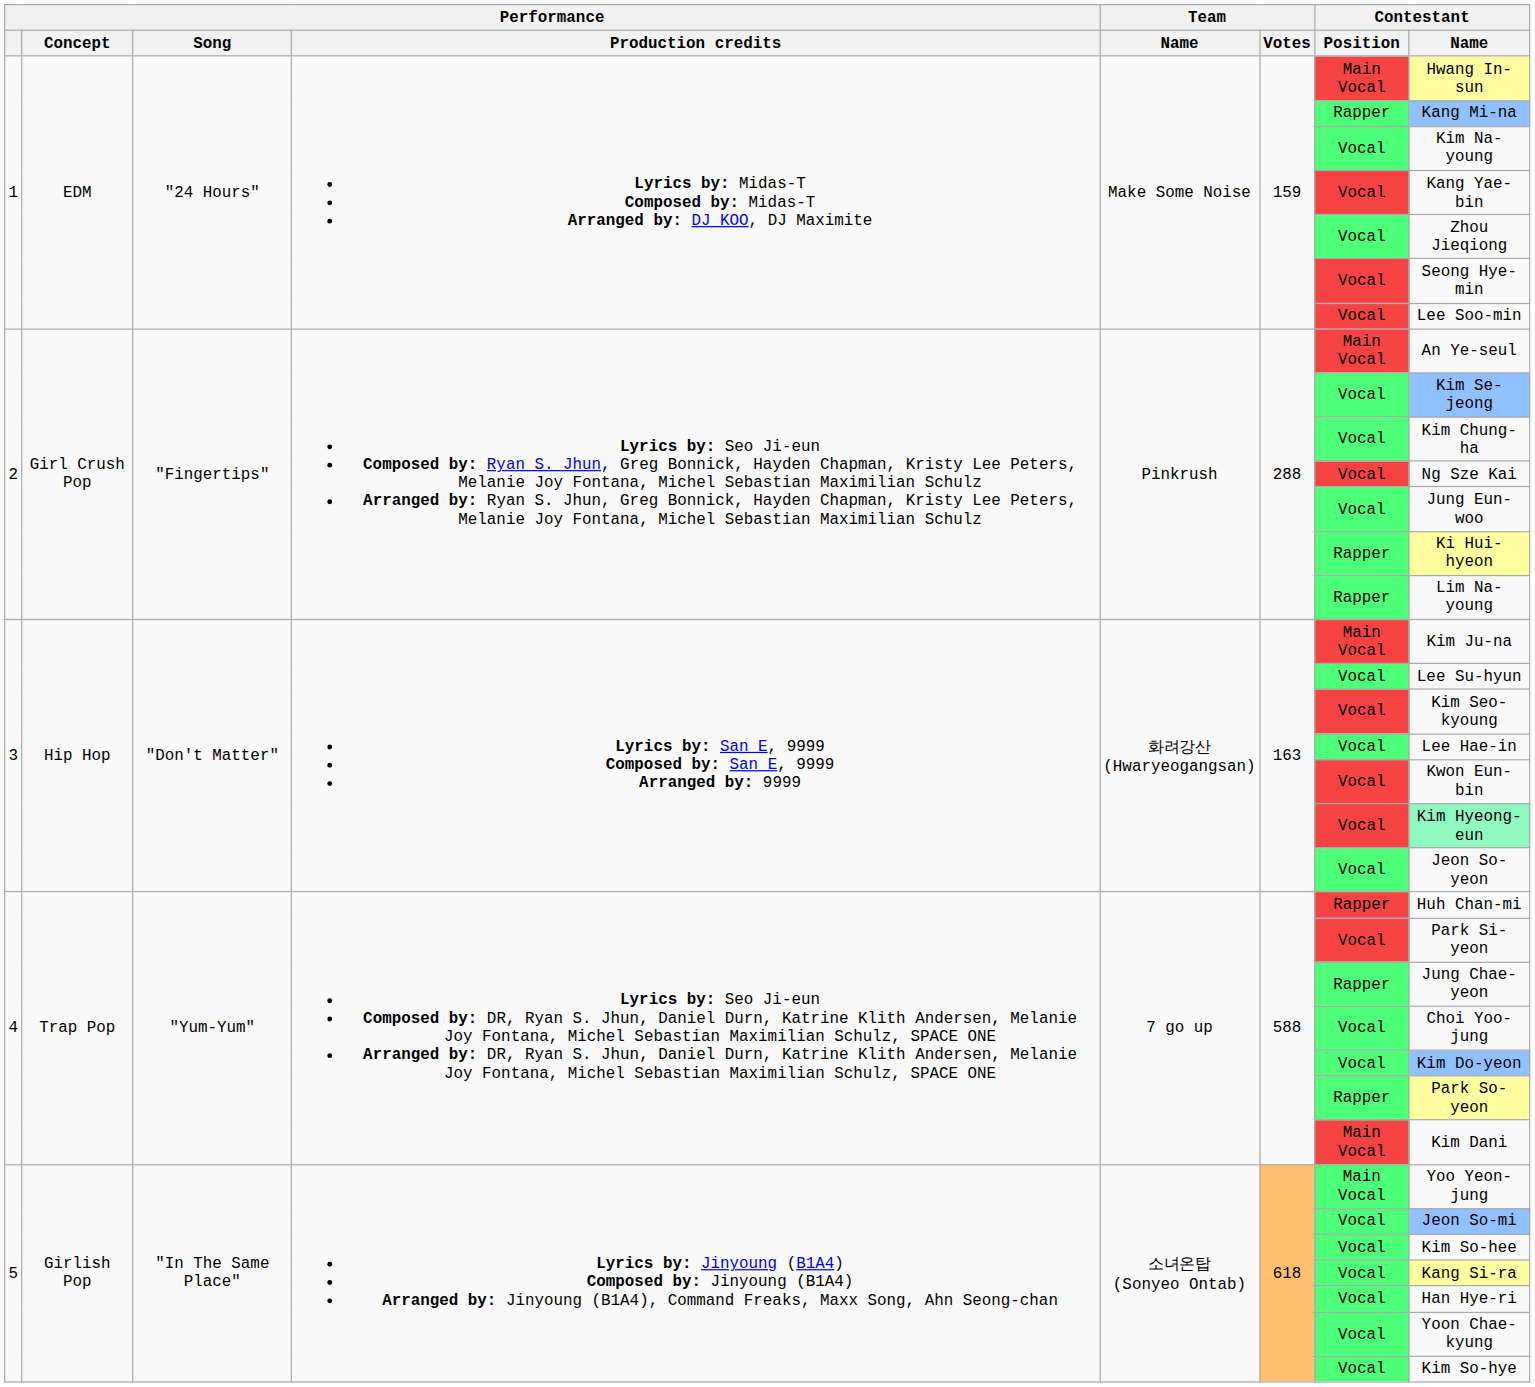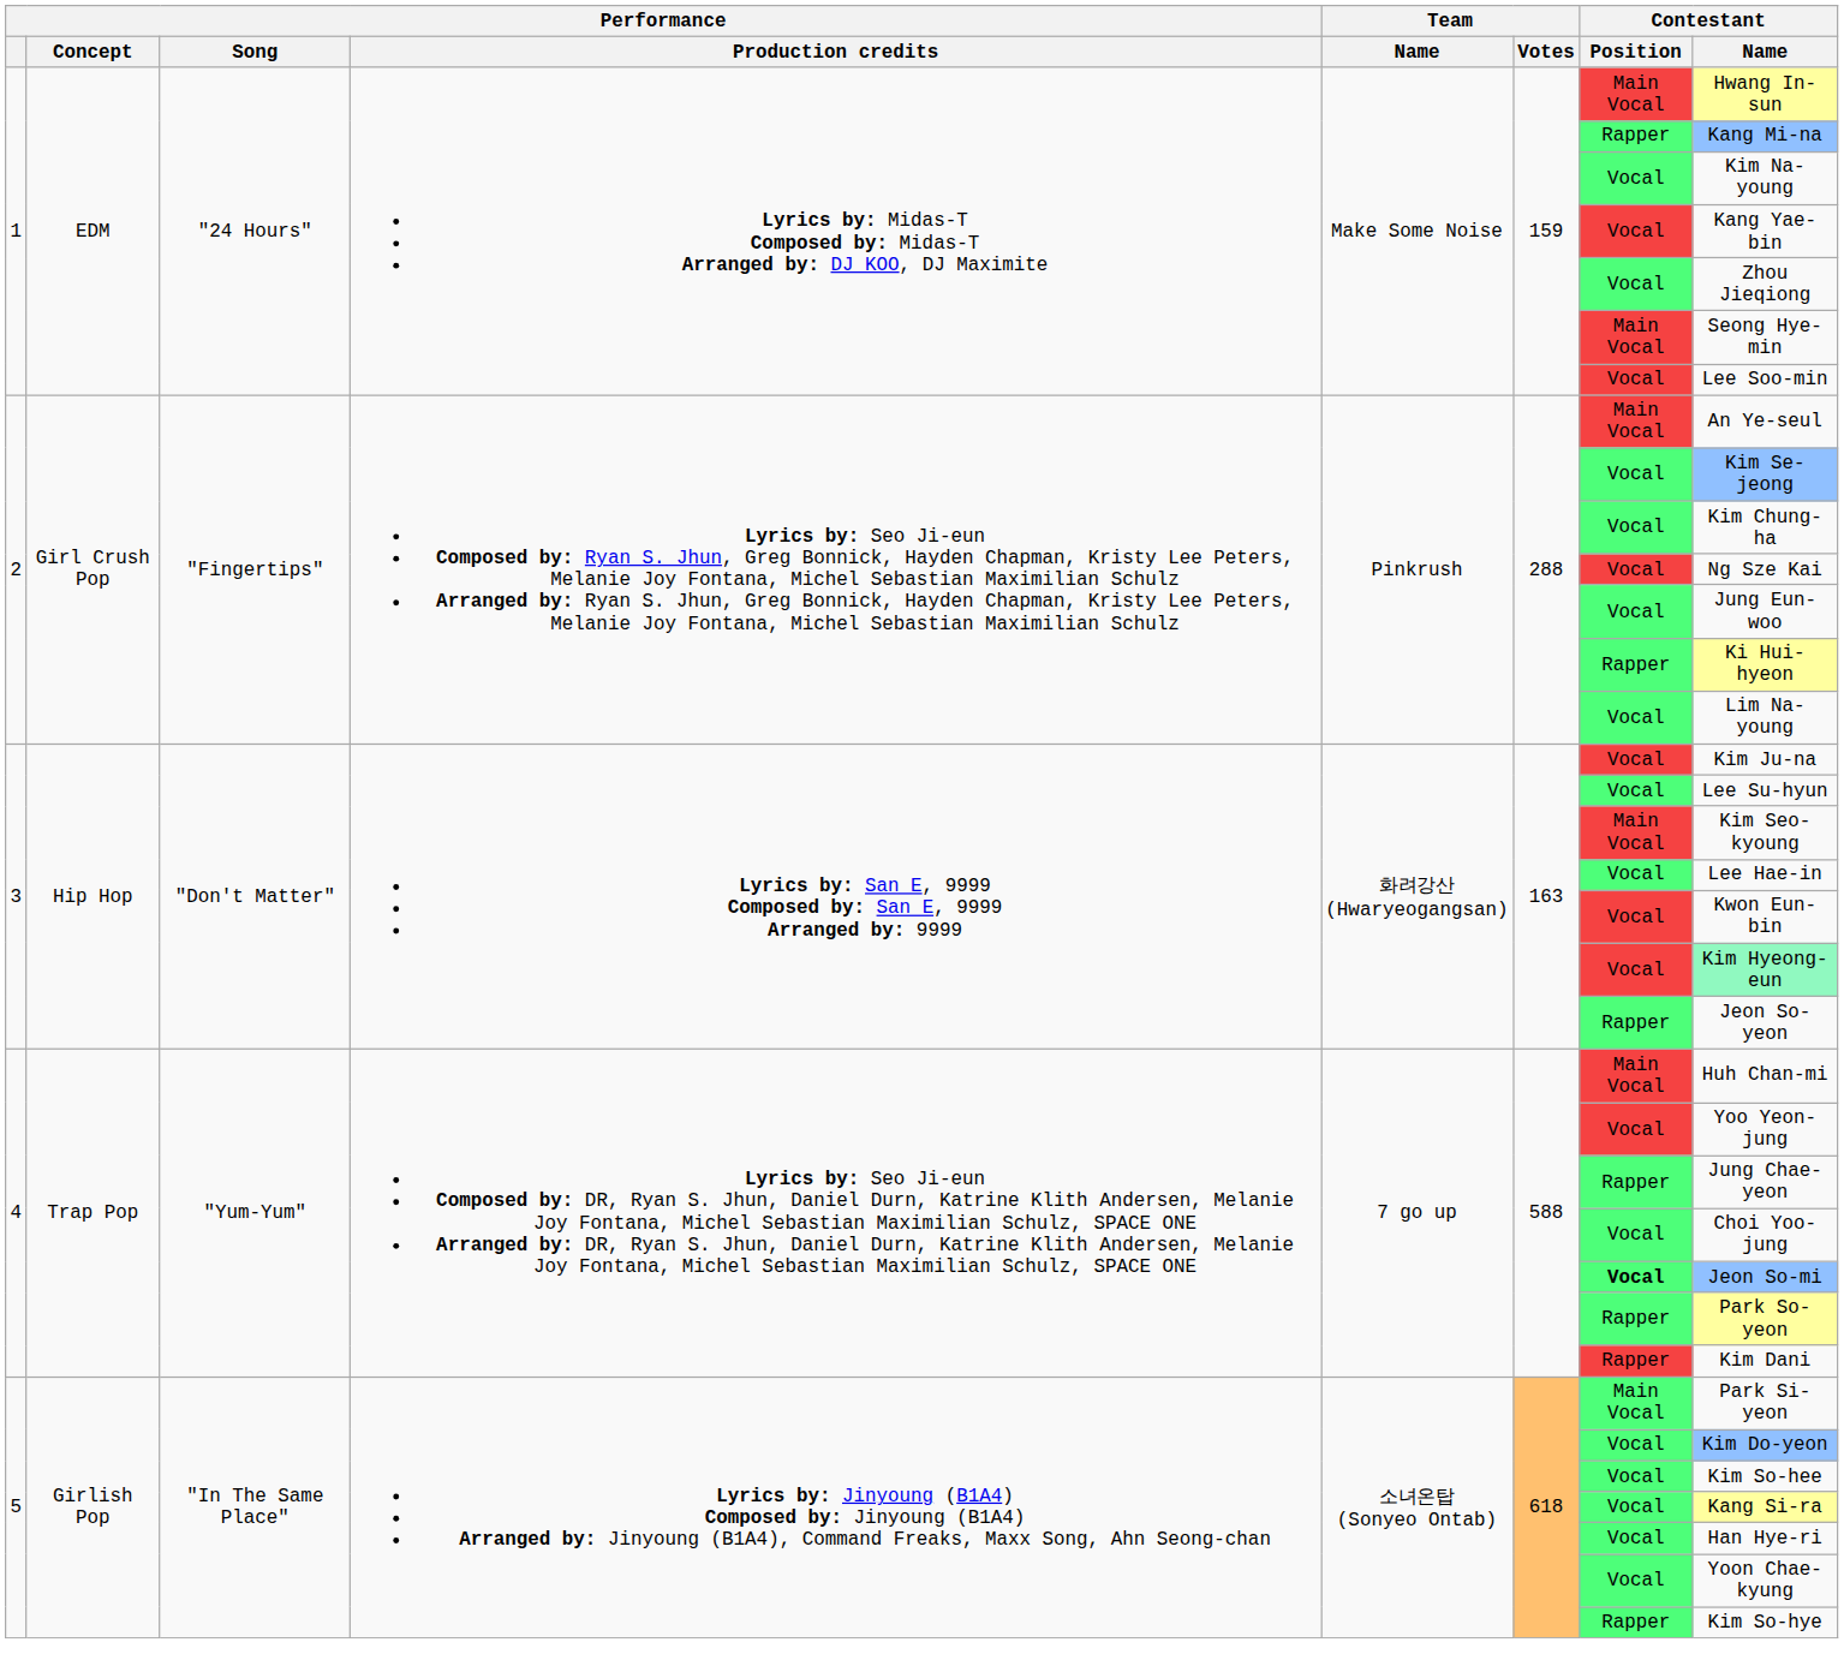 <table class="wikitable sortable collapsible" style="text-align:center">
 <tr>
 <th scope="col" colspan="4">Performance</th>
 <th scope="col" colspan="2">Team</th>
 <th scope="col" colspan="2">Contestant</th>
 </tr>
 <tr>
 <th scope="col"></th>
 <th scope="col">Concept</th>
 <th scope="col" class="unsortable">Song</th>
 <th scope="col" class="unsortable">Production credits</th>
 <th scope="col">Name</th>
 <th scope="col">Votes</th>
 <th scope="col">Position</th>
 <th scope="col">Name</th>
 </tr>
 <tr>
 <td rowspan="7">1</td>
 <td rowspan="7">EDM</td>
 <td rowspan="7">"24 Hours"<br></td>
 <td rowspan="7"><br><ul><li><strong>Lyrics by:</strong> Midas-T</li><li><strong>Composed by:</strong> Midas-T</li><li><strong>Arranged by:</strong> <a href='#'>DJ KOO</a>, DJ Maximite</li></ul></td>
 <td rowspan="7">Make Some Noise</td>
 <td rowspan="7">159</td>
 <td style="background:#f54242">Main Vocal</td>
 <td style="background:#ffff9f">Hwang In-sun</td>
 </tr>
 <tr>
 <td style="background:#4dff79">Rapper</td>
 <td style="background:#90C0FF">Kang Mi-na</td>
 </tr>
 <tr>
 <td style="background:#4dff79">Vocal</td>
 <td>Kim Na-young</td>
 </tr>
 <tr>
 <td style="background:#f54242">Vocal</td>
 <td>Kang Yae-bin</td>
 </tr>
 <tr>
 <td style="background:#4dff79">Vocal</td>
 <td>Zhou Jieqiong</td>
 </tr>
 <tr>
-<td style="background:#f54242">Vocal</td>
+<td style="background:#f54242">Main Vocal</td>
 <td>Seong Hye-min</td>
 </tr>
 <tr>
 <td style="background:#f54242">Vocal</td>
 <td>Lee Soo-min</td>
 </tr>
 <tr>
 <td rowspan="7">2</td>
 <td rowspan="7">Girl Crush Pop</td>
 <td rowspan="7">"Fingertips"</td>
 <td rowspan="7"><br><ul><li><strong>Lyrics by:</strong> Seo Ji-eun</li><li><strong>Composed by:</strong> <a href='#'>Ryan S. Jhun</a>, Greg Bonnick, Hayden Chapman, Kristy Lee Peters, Melanie Joy Fontana, Michel Sebastian Maximilian Schulz</li><li><strong>Arranged by:</strong> Ryan S. Jhun, Greg Bonnick, Hayden Chapman, Kristy Lee Peters, Melanie Joy Fontana, Michel Sebastian Maximilian Schulz</li></ul></td>
 <td rowspan="7">Pinkrush</td>
 <td rowspan="7">288</td>
 <td style="background:#f54242">Main Vocal</td>
 <td>An Ye-seul</td>
 </tr>
 <tr>
 <td style="background:#4dff79">Vocal</td>
 <td style="background:#90C0FF">Kim Se-jeong</td>
 </tr>
 <tr>
 <td style="background:#4dff79">Vocal</td>
 <td>Kim Chung-ha</td>
 </tr>
 <tr>
 <td style="background:#f54242">Vocal</td>
 <td>Ng Sze Kai</td>
 </tr>
 <tr>
 <td style="background:#4dff79">Vocal</td>
 <td>Jung Eun-woo</td>
 </tr>
 <tr>
 <td style="background:#4dff79">Rapper</td>
 <td style="background:#ffff9f">Ki Hui-hyeon</td>
 </tr>
 <tr>
-<td style="background:#4dff79">Rapper</td>
+<td style="background:#4dff79">Vocal</td>
 <td>Lim Na-young</td>
 </tr>
 <tr>
 <td rowspan="7">3</td>
 <td rowspan="7">Hip Hop</td>
 <td rowspan="7">"Don't Matter"</td>
 <td rowspan="7"><br><ul><li><strong>Lyrics by:</strong> <a href='#'>San E</a>, 9999</li><li><strong>Composed by:</strong> <a href='#'>San E</a>, 9999</li><li><strong>Arranged by:</strong> 9999</li></ul></td>
 <td rowspan="7">화려강산<br>(Hwaryeogangsan)</td>
 <td rowspan="7">163</td>
-<td style="background:#f54242">Main Vocal</td>
+<td style="background:#f54242">Vocal</td>
 <td>Kim Ju-na</td>
 </tr>
 <tr>
 <td style="background:#4dff79">Vocal</td>
 <td>Lee Su-hyun</td>
 </tr>
 <tr>
-<td style="background:#f54242">Vocal</td>
+<td style="background:#f54242">Main Vocal</td>
 <td>Kim Seo-kyoung</td>
 </tr>
 <tr>
 <td style="background:#4dff79">Vocal</td>
 <td>Lee Hae-in</td>
 </tr>
 <tr>
 <td style="background:#f54242">Vocal</td>
 <td>Kwon Eun-bin</td>
 </tr>
 <tr>
 <td style="background:#f54242">Vocal</td>
 <td style="background:#90F9C0">Kim Hyeong-eun</td>
 </tr>
 <tr>
-<td style="background:#4dff79">Vocal</td>
+<td style="background:#4dff79">Rapper</td>
 <td>Jeon So-yeon</td>
 </tr>
 <tr>
 <td rowspan="7">4</td>
 <td rowspan="7">Trap Pop</td>
 <td rowspan="7">"Yum-Yum"<br></td>
 <td rowspan="7"><br><ul><li><strong>Lyrics by:</strong> Seo Ji-eun</li><li><strong>Composed by:</strong> DR, Ryan S. Jhun, Daniel Durn, Katrine Klith Andersen, Melanie Joy Fontana, Michel Sebastian Maximilian Schulz, SPACE ONE</li><li><strong>Arranged by:</strong> DR, Ryan S. Jhun, Daniel Durn, Katrine Klith Andersen, Melanie Joy Fontana, Michel Sebastian Maximilian Schulz, SPACE ONE</li></ul></td>
 <td rowspan="7">7 go up</td>
 <td rowspan="7">588</td>
-<td style="background:#f54242">Rapper</td>
+<td style="background:#f54242">Main Vocal</td>
 <td>Huh Chan-mi</td>
 </tr>
 <tr>
 <td style="background:#f54242">Vocal</td>
-<td>Park Si-yeon</td>
+<td>Yoo Yeon-jung</td>
 </tr>
 <tr>
 <td style="background:#4dff79">Rapper</td>
 <td>Jung Chae-yeon</td>
 </tr>
 <tr>
 <td style="background:#4dff79">Vocal</td>
 <td>Choi Yoo-jung</td>
 </tr>
 <tr>
-<td style="background:#4dff79">Vocal</td>
-<td style="background:#90C0FF">Kim Do-yeon</td>
+<td style="background:#4dff79"><strong>Vocal</strong></td>
+<td style="background:#90C0FF">Jeon So-mi</td>
 </tr>
 <tr>
 <td style="background:#4dff79">Rapper</td>
 <td style="background:#ffff9f">Park So-yeon</td>
 </tr>
 <tr>
-<td style="background:#f54242">Main Vocal</td>
+<td style="background:#f54242">Rapper</td>
 <td>Kim Dani</td>
 </tr>
 <tr>
 <td rowspan="7">5</td>
 <td rowspan="7">Girlish Pop</td>
 <td rowspan="7">"In The Same Place"<br></td>
 <td rowspan="7"><br><ul><li><strong>Lyrics by:</strong> <a href='#'>Jinyoung</a> (<a href='#'>B1A4</a>)</li><li><strong>Composed by:</strong> Jinyoung (B1A4)</li><li><strong>Arranged by:</strong> Jinyoung (B1A4), Command Freaks, Maxx Song, Ahn Seong-chan</li></ul></td>
 <td rowspan="7">소녀온탑<br>(Sonyeo Ontab)</td>
 <td rowspan="7" style="background:#ffc06f">618</td>
 <td style="background:#4dff79">Main Vocal</td>
-<td>Yoo Yeon-jung</td>
+<td>Park Si-yeon</td>
 </tr>
 <tr>
 <td style="background:#4dff79">Vocal</td>
-<td style="background:#90C0FF">Jeon So-mi</td>
+<td style="background:#90C0FF">Kim Do-yeon</td>
 </tr>
 <tr>
 <td style="background:#4dff79">Vocal</td>
 <td>Kim So-hee</td>
 </tr>
 <tr>
 <td style="background:#4dff79">Vocal</td>
 <td style="background:#ffff9f">Kang Si-ra</td>
 </tr>
 <tr>
 <td style="background:#4dff79">Vocal</td>
 <td>Han Hye-ri</td>
 </tr>
 <tr>
 <td style="background:#4dff79">Vocal</td>
 <td>Yoon Chae-kyung</td>
 </tr>
 <tr>
-<td style="background:#4dff79">Vocal</td>
+<td style="background:#4dff79">Rapper</td>
 <td>Kim So-hye</td>
 </tr>
 </table>
